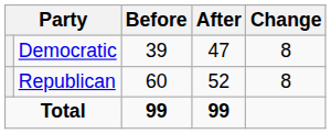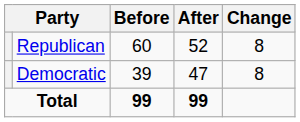 <table class="wikitable" style="text-align:center;">
 <tr>
 <th colspan="2">Party</th>
 <th>Before</th>
 <th>After</th>
 <th>Change</th>
 </tr>
 <tr>
 <th style="background-color:"></th>
-<td style="text-align:left;"><a href='#'>Democratic</a></td>
-<td>39</td>
-<td>47</td>
+<td style="text-align:left;"><a href='#'>Republican</a></td>
+<td>60</td>
+<td>52</td>
 <td> 8</td>
 </tr>
 <tr>
 <th style="background-color:"></th>
-<td style="text-align:left;"><a href='#'>Republican</a></td>
-<td>60</td>
-<td>52</td>
+<td style="text-align:left;"><a href='#'>Democratic</a></td>
+<td>39</td>
+<td>47</td>
 <td> 8</td>
 </tr>
 <tr>
 <td colspan="2"><strong>Total</strong></td>
 <td><strong>99</strong></td>
 <td><strong>99</strong></td>
 <td></td>
 </tr>
 </table>
